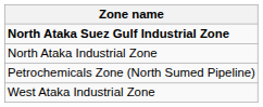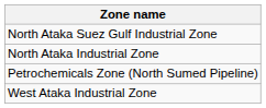 <table class="wikitable">
 <tr>
 <th>Zone name</th>
 </tr>
 <tr>
-<td rowspan="1"><strong>North Ataka Suez Gulf Industrial Zone</strong></td>
+<td rowspan="1">North Ataka Suez Gulf Industrial Zone</td>
 </tr>
 <tr>
 <td rowspan="1">North Ataka Industrial Zone</td>
 </tr>
 <tr>
 <td rowspan="1">Petrochemicals Zone (North Sumed Pipeline)</td>
 </tr>
 <tr>
 <td rowspan="1">West Ataka Industrial Zone</td>
 </tr>
 </table>
